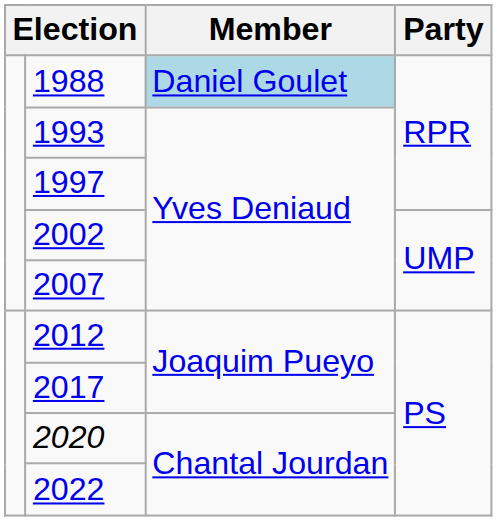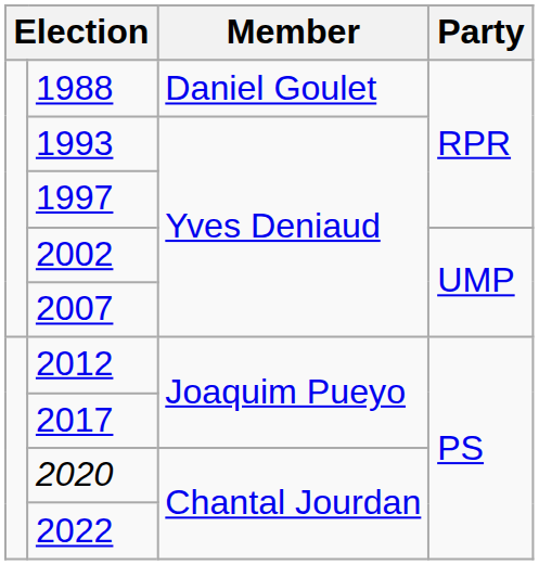 <table class="wikitable">
 <tr>
 <th colspan=2>Election</th>
 <th>Member</th>
 <th>Party</th>
 </tr>
 <tr>
 <td rowspan="5" style="background-color: "></td>
 <td><a href='#'>1988</a></td>
-<td style="background: lightblue;"><a href='#'>Daniel Goulet</a></td>
+<td><a href='#'>Daniel Goulet</a></td>
 <td rowspan="3"><a href='#'>RPR</a></td>
 </tr>
 <tr>
 <td><a href='#'>1993</a></td>
 <td rowspan="4"><a href='#'>Yves Deniaud</a></td>
 </tr>
 <tr>
 <td><a href='#'>1997</a></td>
 </tr>
 <tr>
 <td><a href='#'>2002</a></td>
 <td rowspan="2"><a href='#'>UMP</a></td>
 </tr>
 <tr>
 <td><a href='#'>2007</a></td>
 </tr>
 <tr>
 <td rowspan="4" style="background-color: "></td>
 <td><a href='#'>2012</a></td>
 <td rowspan="2"><a href='#'>Joaquim Pueyo</a></td>
 <td rowspan="4"><a href='#'>PS</a></td>
 </tr>
 <tr>
 <td><a href='#'>2017</a></td>
 </tr>
 <tr>
 <td><em>2020</em></td>
 <td rowspan="2"><a href='#'>Chantal Jourdan</a></td>
 </tr>
 <tr>
 <td><a href='#'>2022</a></td>
 </tr>
 </table>
